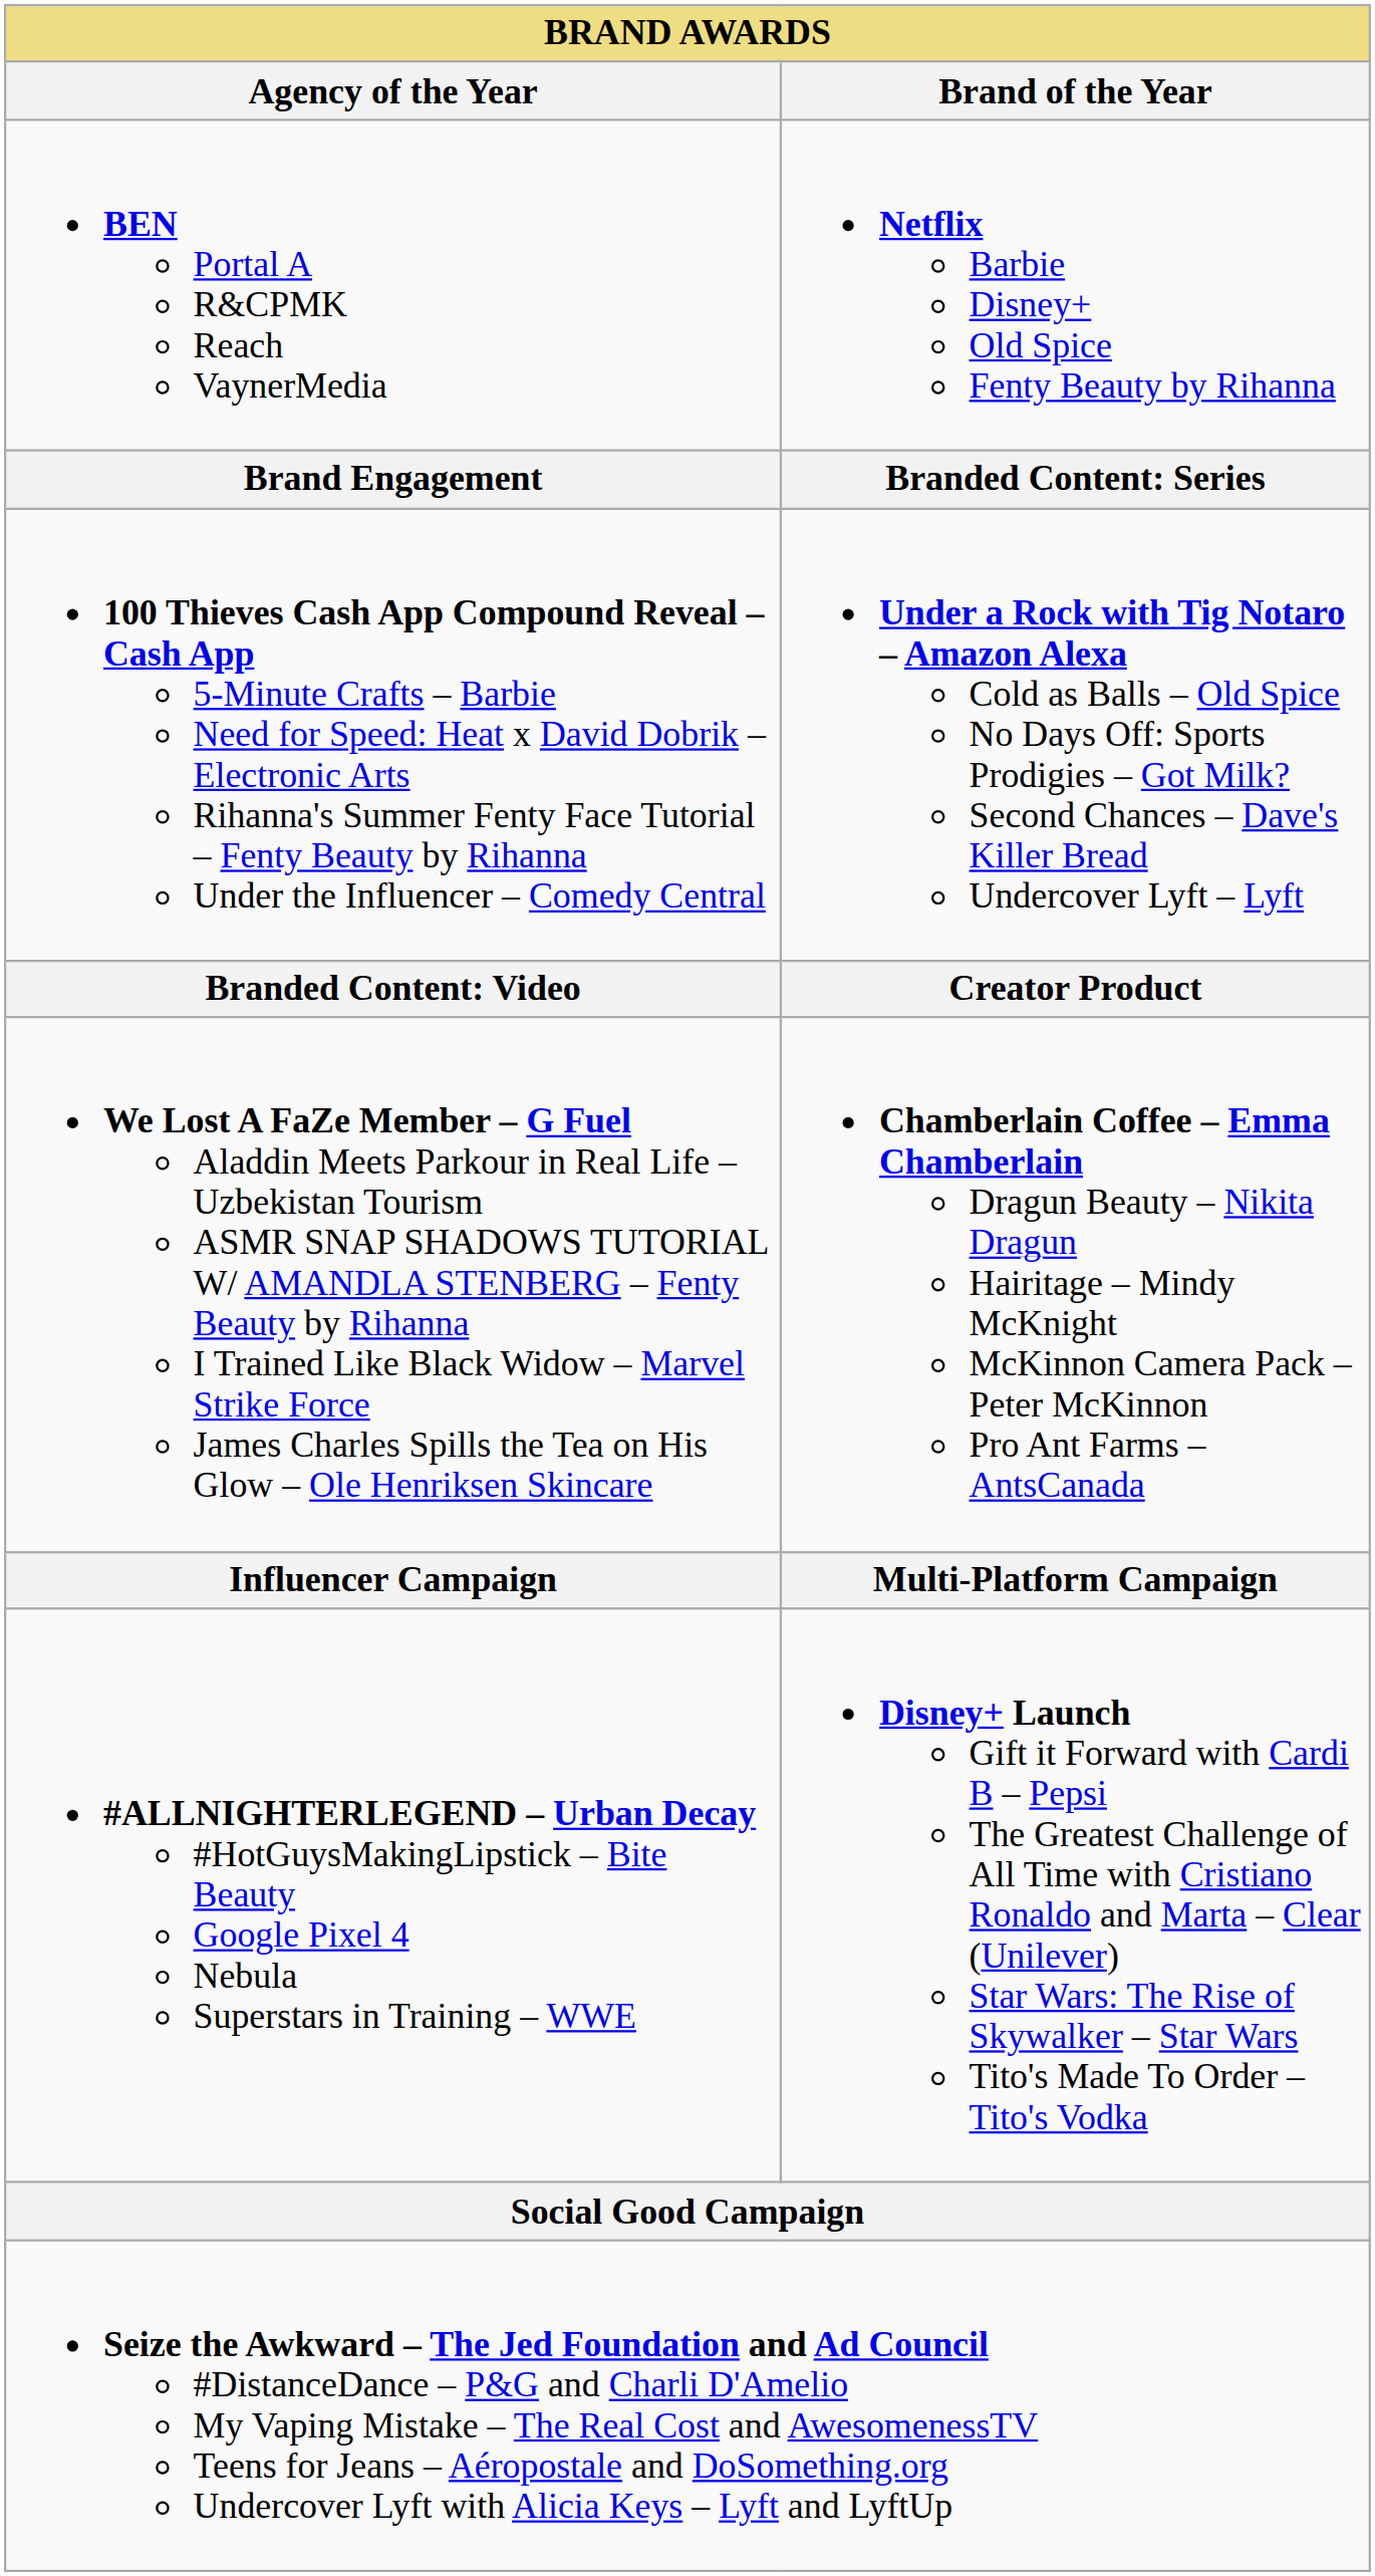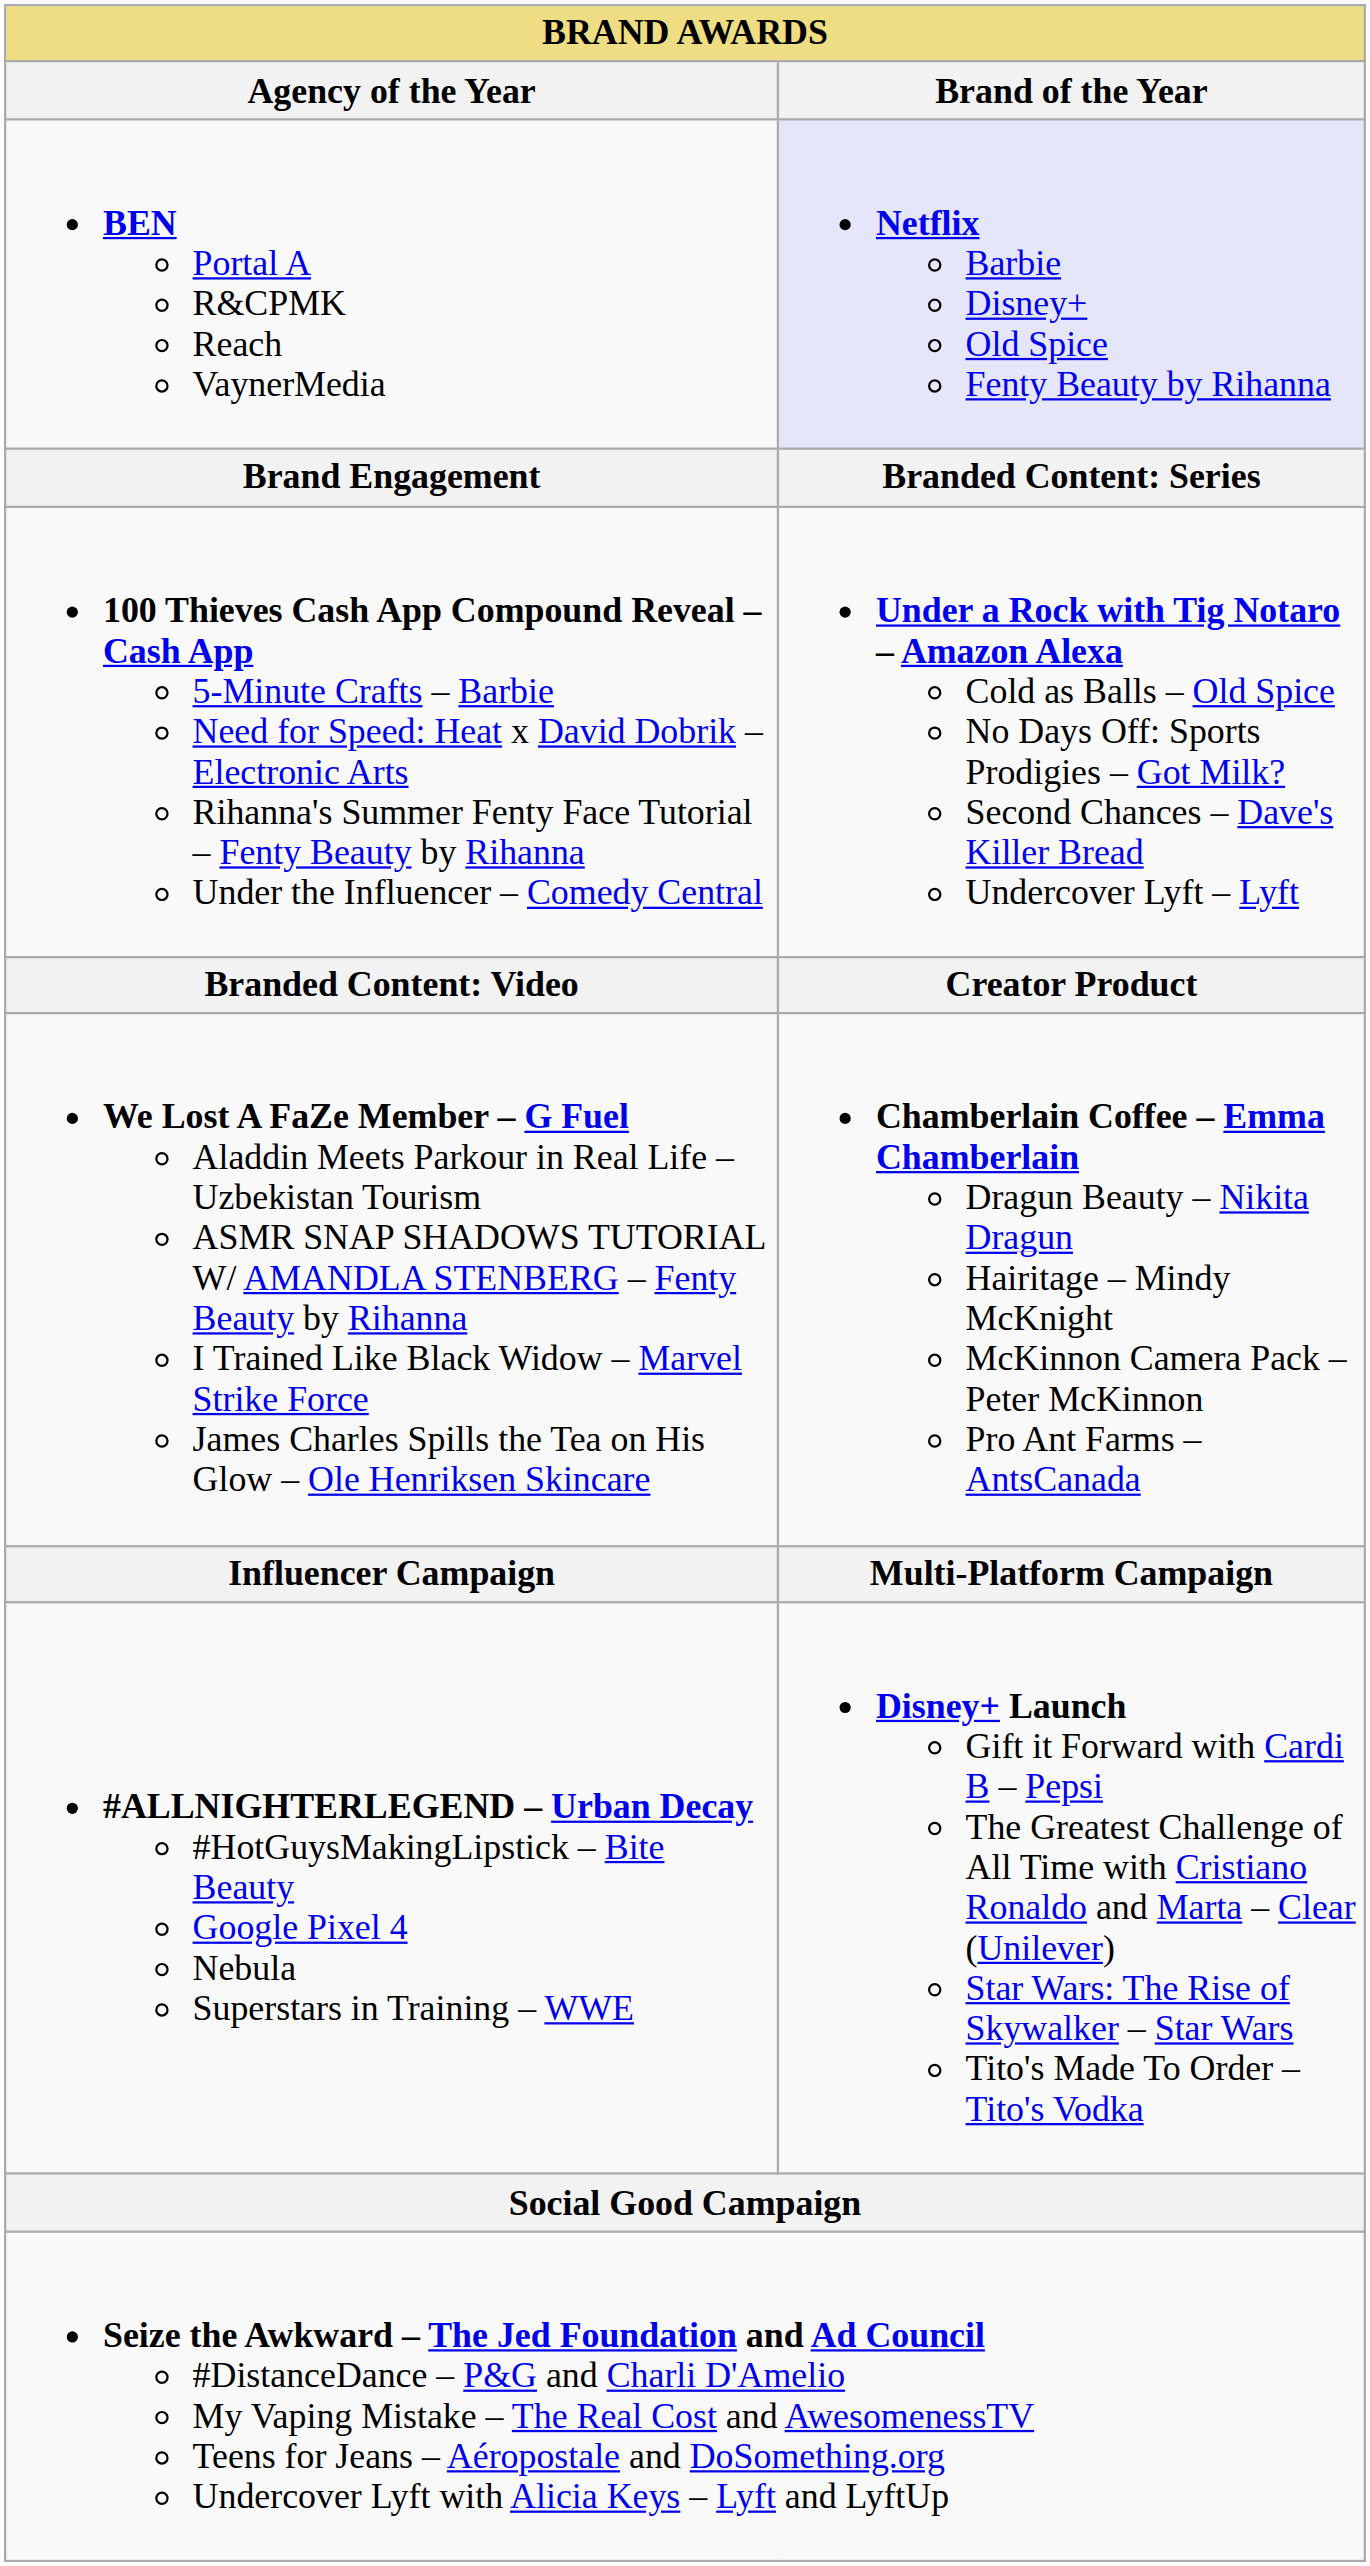 <table class="wikitable">
 <tr>
 <th colspan="2" style="background:#eedd82;"><strong>BRAND AWARDS</strong></th>
 </tr>
 <tr>
 <th>Agency of the Year</th>
 <th>Brand of the Year</th>
 </tr>
 <tr>
 <td valign="top"><br><ul><li><strong><a href='#'>BEN</a></strong><ul><li><a href='#'>Portal A</a></li><li>R&CPMK</li><li>Reach</li><li>VaynerMedia</li></ul></li></ul></td>
-<td valign="top"><br><ul><li><strong><a href='#'>Netflix</a></strong><ul><li><a href='#'>Barbie</a></li><li><a href='#'>Disney+</a></li><li><a href='#'>Old Spice</a></li><li><a href='#'>Fenty Beauty by Rihanna</a></li></ul></li></ul></td>
+<td valign="top" style="background: lavender;"><br><ul><li><strong><a href='#'>Netflix</a></strong><ul><li><a href='#'>Barbie</a></li><li><a href='#'>Disney+</a></li><li><a href='#'>Old Spice</a></li><li><a href='#'>Fenty Beauty by Rihanna</a></li></ul></li></ul></td>
 </tr>
 <tr>
 <th>Brand Engagement</th>
 <th>Branded Content: Series</th>
 </tr>
 <tr>
 <td valign="top"><br><ul><li><strong>100 Thieves Cash App Compound Reveal – <a href='#'>Cash App</a></strong><ul><li><a href='#'>5-Minute Crafts</a> – <a href='#'>Barbie</a></li><li><a href='#'>Need for Speed: Heat</a> x <a href='#'>David Dobrik</a> – <a href='#'>Electronic Arts</a></li><li>Rihanna's Summer Fenty Face Tutorial – <a href='#'>Fenty Beauty</a> by <a href='#'>Rihanna</a></li><li>Under the Influencer – <a href='#'>Comedy Central</a></li></ul></li></ul></td>
 <td valign="top"><br><ul><li><strong><a href='#'>Under a Rock with Tig Notaro</a> – <a href='#'>Amazon Alexa</a></strong><ul><li>Cold as Balls – <a href='#'>Old Spice</a></li><li>No Days Off: Sports Prodigies – <a href='#'>Got Milk?</a></li><li>Second Chances – <a href='#'>Dave's Killer Bread</a></li><li>Undercover Lyft – <a href='#'>Lyft</a></li></ul></li></ul></td>
 </tr>
 <tr>
 <th>Branded Content: Video</th>
 <th>Creator Product</th>
 </tr>
 <tr>
 <td><br><ul><li><strong>We Lost A FaZe Member – <a href='#'>G Fuel</a></strong><ul><li>Aladdin Meets Parkour in Real Life – Uzbekistan Tourism</li><li>ASMR SNAP SHADOWS TUTORIAL W/ <a href='#'>AMANDLA STENBERG</a> – <a href='#'>Fenty Beauty</a> by <a href='#'>Rihanna</a></li><li>I Trained Like Black Widow – <a href='#'>Marvel Strike Force</a></li><li>James Charles Spills the Tea on His Glow – <a href='#'>Ole Henriksen Skincare</a></li></ul></li></ul></td>
 <td><br><ul><li><strong>Chamberlain Coffee – <a href='#'>Emma Chamberlain</a></strong><ul><li>Dragun Beauty – <a href='#'>Nikita Dragun</a></li><li>Hairitage – Mindy McKnight</li><li>McKinnon Camera Pack – Peter McKinnon</li><li>Pro Ant Farms – <a href='#'>AntsCanada</a></li></ul></li></ul></td>
 </tr>
 <tr>
 <th>Influencer Campaign</th>
 <th>Multi-Platform Campaign</th>
 </tr>
 <tr>
 <td><br><ul><li><strong>#ALLNIGHTERLEGEND – <a href='#'>Urban Decay</a></strong><ul><li>#HotGuysMakingLipstick – <a href='#'>Bite Beauty</a></li><li><a href='#'>Google Pixel 4</a></li><li>Nebula</li><li>Superstars in Training – <a href='#'>WWE</a></li></ul></li></ul></td>
 <td><br><ul><li><strong><a href='#'>Disney+</a> Launch</strong><ul><li>Gift it Forward with <a href='#'>Cardi B</a> – <a href='#'>Pepsi</a></li><li>The Greatest Challenge of All Time with <a href='#'>Cristiano Ronaldo</a> and <a href='#'>Marta</a> – <a href='#'>Clear</a> (<a href='#'>Unilever</a>)</li><li><a href='#'>Star Wars: The Rise of Skywalker</a> – <a href='#'>Star Wars</a></li><li>Tito's Made To Order – <a href='#'>Tito's Vodka</a></li></ul></li></ul></td>
 </tr>
 <tr>
 <th colspan="2">Social Good Campaign</th>
 </tr>
 <tr>
 <td colspan="2"><br><ul><li><strong>Seize the Awkward – <a href='#'>The Jed Foundation</a> and <a href='#'>Ad Council</a></strong><ul><li>#DistanceDance – <a href='#'>P&G</a> and <a href='#'>Charli D'Amelio</a></li><li>My Vaping Mistake – <a href='#'>The Real Cost</a> and <a href='#'>AwesomenessTV</a></li><li>Teens for Jeans – <a href='#'>Aéropostale</a> and <a href='#'>DoSomething.org</a></li><li>Undercover Lyft with <a href='#'>Alicia Keys</a> – <a href='#'>Lyft</a> and LyftUp</li></ul></li></ul></td>
 </tr>
 </table>
